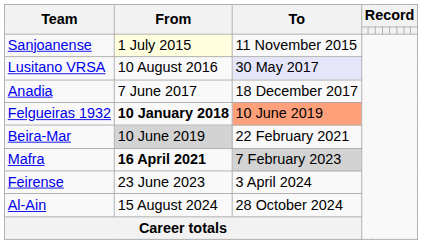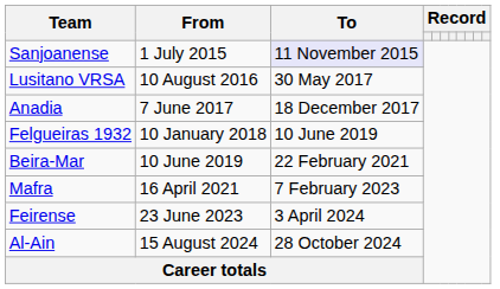 <table class="wikitable" style="text-align: center">
 <tr>
 <th rowspan="2">Team</th>
 <th rowspan="2">From</th>
 <th rowspan="2">To</th>
 <th colspan="8">Record</th>
 </tr>
 <tr>
 <th></th>
 <th></th>
 <th></th>
 <th></th>
 <th></th>
 <th></th>
 <th></th>
 <th></th>
 </tr>
 <tr>
 <td align="left"><a href='#'>Sanjoanense</a></td>
-<td align=left style="background: lightyellow;">1 July 2015</td>
-<td align=left>11 November 2015<br></td>
+<td align=left>1 July 2015</td>
+<td align=left style="background: lavender;">11 November 2015<br></td>
 </tr>
 <tr>
 <td align="left"><a href='#'>Lusitano VRSA</a></td>
 <td align=left>10 August 2016</td>
-<td align=left style="background: lavender;">30 May 2017<br></td>
+<td align=left>30 May 2017<br></td>
 </tr>
 <tr>
 <td align="left"><a href='#'>Anadia</a></td>
 <td align=left>7 June 2017</td>
 <td align=left>18 December 2017<br></td>
 </tr>
 <tr>
 <td align="left"><a href='#'>Felgueiras 1932</a></td>
-<td align=left><strong>10 January 2018</strong></td>
-<td align=left style="background: lightsalmon;">10 June 2019<br></td>
+<td align=left>10 January 2018</td>
+<td align=left>10 June 2019<br></td>
 </tr>
 <tr>
 <td align="left"><a href='#'>Beira-Mar</a></td>
-<td align=left style="background: lightgrey;">10 June 2019</td>
+<td align=left>10 June 2019</td>
 <td align=left>22 February 2021<br></td>
 </tr>
 <tr>
 <td align="left"><a href='#'>Mafra</a></td>
-<td align=left><strong>16 April 2021</strong></td>
-<td align=left style="background: lightgrey;">7 February 2023<br></td>
+<td align=left>16 April 2021</td>
+<td align=left>7 February 2023<br></td>
 </tr>
 <tr>
 <td align="left"><a href='#'>Feirense</a></td>
 <td align=left>23 June 2023</td>
 <td align=left>3 April 2024<br></td>
 </tr>
 <tr>
 <td align="left"><a href='#'>Al-Ain</a></td>
 <td align=left>15 August 2024</td>
 <td align=left>28 October 2024<br></td>
 </tr>
 <tr>
 <th colspan=3>Career totals<br></th>
 </tr>
 </table>
